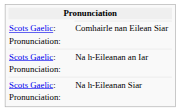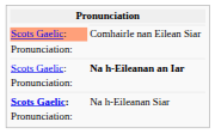 <table class="collapsible infobox collapsed"  style="width:280px; font-size:90%;">
 <tr>
 <th colspan="2" style="background:#efefef;">Pronunciation</th>
 </tr>
 <tr style="vertical-align: top;">
 <td style="width: 40%;"></td>
 <th colspan="2" style="background:#efefef;"></th>
 </tr>
 <tr>
-<td><a href='#'>Scots Gaelic</a>:</td>
+<td style="background: lightsalmon;"><a href='#'>Scots Gaelic</a>:</td>
 <td>Comhairle nan Eilean Siar</td>
 </tr>
 <tr>
 <td>Pronunciation:</td>
 <td></td>
 </tr>
 <tr>
 <th colspan="2" style="background:#efefef;"></th>
 </tr>
 <tr>
 <td><a href='#'>Scots Gaelic</a>:</td>
-<td>Na h-Eileanan an Iar</td>
+<td><strong>Na h-Eileanan an Iar</strong></td>
 </tr>
 <tr>
 <td>Pronunciation:</td>
 <td></td>
 </tr>
 <tr>
 <th colspan="2" style="background:#efefef;"></th>
 </tr>
 <tr>
-<td><a href='#'>Scots Gaelic</a>:</td>
+<td><strong><a href='#'>Scots Gaelic</a>:</strong></td>
 <td>Na h-Eileanan Siar</td>
 </tr>
 <tr>
 <td>Pronunciation:</td>
 <td></td>
 </tr>
 </table>
